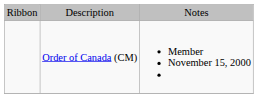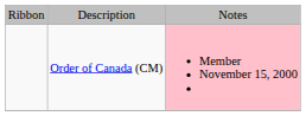 <table class="wikitable"  style="margin: auto;">
 <tr style="background:silver;" align="center">
 <td>Ribbon</td>
 <td>Description</td>
 <td>Notes</td>
 </tr>
 <tr>
 <td></td>
 <td><a href='#'>Order of Canada</a> (CM)</td>
-<td><br><ul><li>Member</li><li>November 15, 2000</li><li></li></ul></td>
+<td style="background: pink;"><br><ul><li>Member</li><li>November 15, 2000</li><li></li></ul></td>
 </tr>
 <tr>
 </tr>
 </table>
